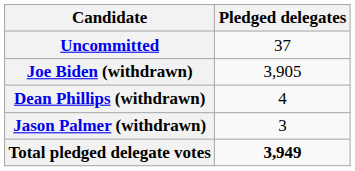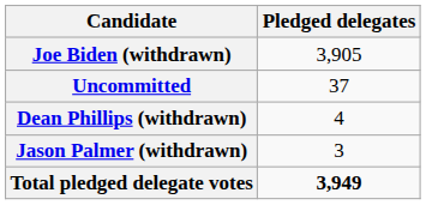 <table class="wikitable plainrowheaders" style="text-align:center;">
 <tr>
 <th scope="col">Candidate</th>
 <th scope="col">Pledged delegates</th>
 </tr>
 <tr>
+<th scope="row" style="text-align:center;"> <a href='#'>Joe Biden</a> (withdrawn)</th>
+<td>3,905</td>
+</tr>
+<tr>
 <th scope="row" style="text-align:center;"><a href='#'>Uncommitted</a><br></th>
 <td>37</td>
-</tr>
-<tr>
-<th scope="row" style="text-align:center;"> <a href='#'>Joe Biden</a> (withdrawn)</th>
-<td>3,905</td>
 </tr>
 <tr>
 <th scope="row" style="text-align:center; "> <a href='#'>Dean Phillips</a> (withdrawn)</th>
 <td>4</td>
 </tr>
 <tr>
 <th scope="row" style="text-align:center;"> <a href='#'>Jason Palmer</a> (withdrawn)</th>
 <td>3</td>
 </tr>
 <tr>
 <th scope="row" style="text-align:center;">Total pledged delegate votes</th>
 <td><strong>3,949</strong></td>
 </tr>
 </table>
